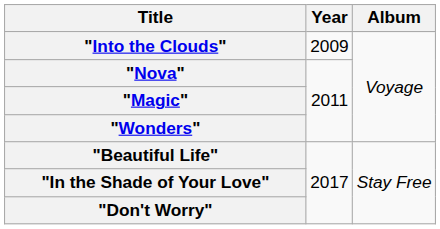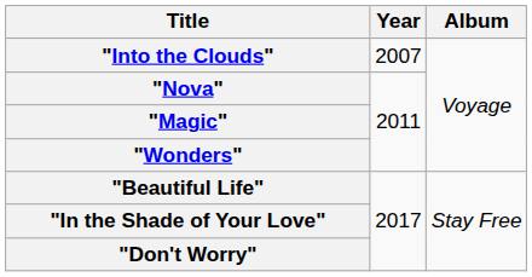 <table class="wikitable plainrowheaders" style="text-align:center;">
 <tr>
 <th scope="col" style="width:17em;">Title</th>
 <th scope="col">Year</th>
 <th scope="col">Album</th>
 </tr>
 <tr>
 <th scope="row">"<a href='#'>Into the Clouds</a>"</th>
-<td>2009</td>
+<td>2007</td>
 <td rowspan="4"><em>Voyage</em></td>
 </tr>
 <tr>
 <th scope="row">"<a href='#'>Nova</a>"</th>
 <td rowspan="3">2011</td>
 </tr>
 <tr>
 <th scope="row">"<a href='#'>Magic</a>"</th>
 </tr>
 <tr>
 <th scope="row">"<a href='#'>Wonders</a>"</th>
 </tr>
 <tr>
 <th scope="row">"Beautiful Life"</th>
 <td rowspan="3">2017</td>
 <td rowspan="3"><em>Stay Free</em></td>
 </tr>
 <tr>
 <th scope="row">"In the Shade of Your Love"</th>
 </tr>
 <tr>
 <th scope="row">"Don't Worry"</th>
 </tr>
 </table>
